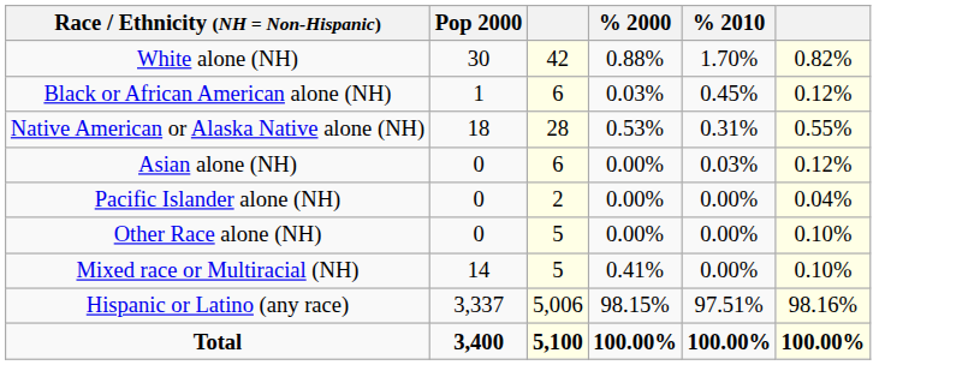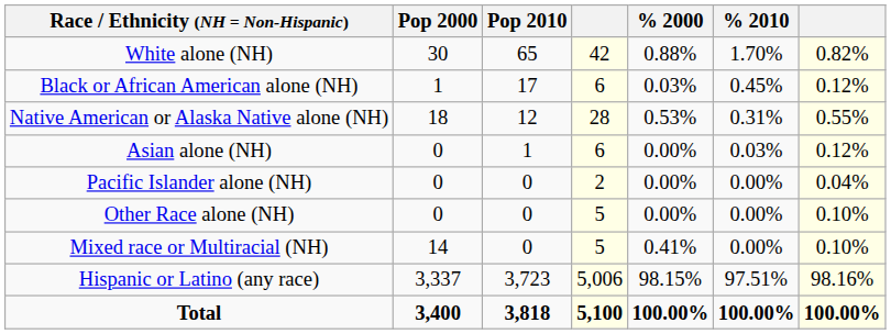 <table class="wikitable" style="text-align:center;">
 <tr>
 <th>Race / Ethnicity <small>(<em>NH = Non-Hispanic</em>)</small></th>
 <th>Pop 2000</th>
+<th>Pop 2010</th>
 <th></th>
 <th>% 2000</th>
 <th>% 2010</th>
 <th></th>
 </tr>
 <tr>
 <td><a href='#'>White</a> alone (NH)</td>
 <td>30</td>
+<td>65</td>
 <td style='background: #ffffe6;'>42</td>
 <td>0.88%</td>
 <td>1.70%</td>
 <td style='background: #ffffe6;'>0.82%</td>
 </tr>
 <tr>
 <td><a href='#'>Black or African American</a> alone (NH)</td>
 <td>1</td>
+<td>17</td>
 <td style='background: #ffffe6;'>6</td>
 <td>0.03%</td>
 <td>0.45%</td>
 <td style='background: #ffffe6;'>0.12%</td>
 </tr>
 <tr>
 <td><a href='#'>Native American</a> or <a href='#'>Alaska Native</a> alone (NH)</td>
 <td>18</td>
+<td>12</td>
 <td style='background: #ffffe6;'>28</td>
 <td>0.53%</td>
 <td>0.31%</td>
 <td style='background: #ffffe6;'>0.55%</td>
 </tr>
 <tr>
 <td><a href='#'>Asian</a> alone (NH)</td>
 <td>0</td>
+<td>1</td>
 <td style='background: #ffffe6;'>6</td>
 <td>0.00%</td>
 <td>0.03%</td>
 <td style='background: #ffffe6;'>0.12%</td>
 </tr>
 <tr>
 <td><a href='#'>Pacific Islander</a> alone (NH)</td>
+<td>0</td>
 <td>0</td>
 <td style='background: #ffffe6;'>2</td>
 <td>0.00%</td>
 <td>0.00%</td>
 <td style='background: #ffffe6;'>0.04%</td>
 </tr>
 <tr>
 <td><a href='#'>Other Race</a> alone (NH)</td>
 <td>0</td>
+<td>0</td>
 <td style='background: #ffffe6;'>5</td>
 <td>0.00%</td>
 <td>0.00%</td>
 <td style='background: #ffffe6;'>0.10%</td>
 </tr>
 <tr>
 <td><a href='#'>Mixed race or Multiracial</a> (NH)</td>
 <td>14</td>
+<td>0</td>
 <td style='background: #ffffe6;'>5</td>
 <td>0.41%</td>
 <td>0.00%</td>
 <td style='background: #ffffe6;'>0.10%</td>
 </tr>
 <tr>
 <td><a href='#'>Hispanic or Latino</a> (any race)</td>
 <td>3,337</td>
+<td>3,723</td>
 <td style='background: #ffffe6;'>5,006</td>
 <td>98.15%</td>
 <td>97.51%</td>
 <td style='background: #ffffe6;'>98.16%</td>
 </tr>
 <tr>
 <td><strong>Total</strong></td>
 <td><strong>3,400</strong></td>
+<td><strong>3,818</strong></td>
 <td style='background: #ffffe6;'><strong>5,100</strong></td>
 <td><strong>100.00%</strong></td>
 <td><strong>100.00%</strong></td>
 <td style='background: #ffffe6;'><strong>100.00%</strong></td>
 </tr>
 </table>
